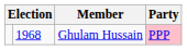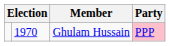 <table class="wikitable">
 <tr>
 <th colspan="2">Election</th>
 <th>Member</th>
 <th>Party</th>
 </tr>
 <tr>
 <td style="background-color: "></td>
-<td><a href='#'>1968</a></td>
+<td><a href='#'>1970</a></td>
 <td><a href='#'>Ghulam Hussain</a></td>
 <td style="background: pink;"><a href='#'>PPP</a></td>
 </tr>
 </table>
